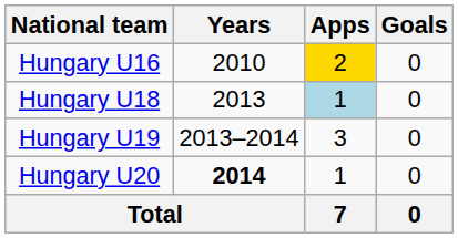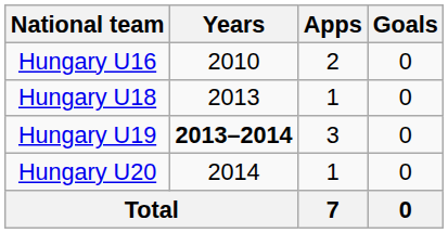 <table class="wikitable" style="font-size:90%; text-align: center;">
 <tr>
 <th>National team</th>
 <th>Years</th>
 <th>Apps</th>
 <th>Goals</th>
 </tr>
 <tr>
 <td rowspan=1><a href='#'>Hungary U16</a></td>
 <td>2010</td>
-<td style="background: gold;">2</td>
+<td>2</td>
 <td>0</td>
 </tr>
 <tr>
 <td rowspan=1><a href='#'>Hungary U18</a></td>
 <td>2013</td>
-<td style="background: lightblue;">1</td>
+<td>1</td>
 <td>0</td>
 </tr>
 <tr>
 <td rowspan=1><a href='#'>Hungary U19</a></td>
-<td>2013–2014</td>
+<td><strong>2013–2014</strong></td>
 <td>3</td>
 <td>0</td>
 </tr>
 <tr>
 <td rowspan=1><a href='#'>Hungary U20</a></td>
-<td><strong>2014</strong></td>
+<td>2014</td>
 <td>1</td>
 <td>0</td>
 </tr>
 <tr>
 <th colspan=2>Total</th>
 <th>7</th>
 <th>0</th>
 </tr>
 </table>
